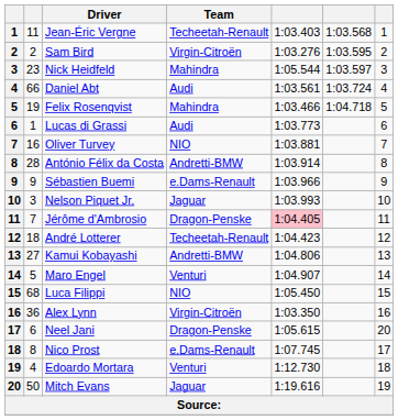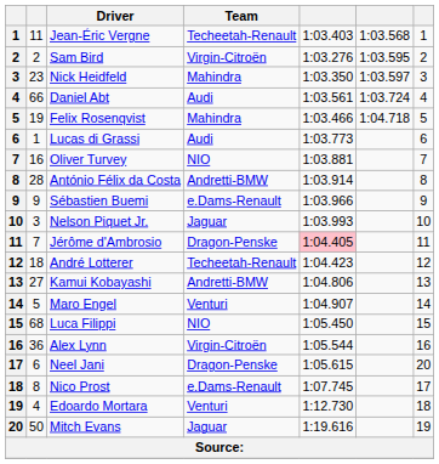 <table class="wikitable sortable" style="font-size: 85%">
 <tr>
 <th scope="col"></th>
 <th scope="col"></th>
 <th scope="col">Driver</th>
 <th scope="col">Team</th>
 <th scope="col"></th>
 <th scope="col"></th>
 <th scope="col"></th>
 </tr>
 <tr>
 <th scope="row">1</th>
 <td align="center">11</td>
 <td data-sort-value="VER"> <a href='#'>Jean-Éric Vergne</a></td>
 <td><a href='#'>Techeetah-Renault</a></td>
 <td>1:03.403</td>
 <td>1:03.568</td>
 <td align="center">1</td>
 </tr>
 <tr>
 <th scope="row">2</th>
 <td align="center">2</td>
 <td data-sort-value="BIR"> <a href='#'>Sam Bird</a></td>
 <td><a href='#'>Virgin-Citroën</a></td>
 <td>1:03.276</td>
 <td>1:03.595</td>
 <td align="center">2</td>
 </tr>
 <tr>
 <th scope="row">3</th>
 <td align="center">23</td>
 <td data-sort-value="HEI"> <a href='#'>Nick Heidfeld</a></td>
 <td><a href='#'>Mahindra</a></td>
-<td>1:05.544</td>
+<td>1:03.350</td>
 <td>1:03.597</td>
 <td align="center">3</td>
 </tr>
 <tr>
 <th scope="row">4</th>
 <td align="center">66</td>
 <td data-sort-value="ABT"> <a href='#'>Daniel Abt</a></td>
 <td><a href='#'>Audi</a></td>
 <td>1:03.561</td>
 <td>1:03.724</td>
 <td align="center">4</td>
 </tr>
 <tr>
 <th scope="row">5</th>
 <td align="center">19</td>
 <td data-sort-value="ROS"> <a href='#'>Felix Rosenqvist</a></td>
 <td><a href='#'>Mahindra</a></td>
 <td>1:03.466</td>
 <td>1:04.718</td>
 <td align="center">5</td>
 </tr>
 <tr>
 <th scope="row">6</th>
 <td align="center">1</td>
 <td data-sort-value="DIG"> <a href='#'>Lucas di Grassi</a></td>
 <td><a href='#'>Audi</a></td>
 <td>1:03.773</td>
 <td></td>
 <td align="center">6</td>
 </tr>
 <tr>
 <th scope="row">7</th>
 <td align="center">16</td>
 <td data-sort-value="TUR"> <a href='#'>Oliver Turvey</a></td>
 <td><a href='#'>NIO</a></td>
 <td>1:03.881</td>
 <td></td>
 <td align="center">7</td>
 </tr>
 <tr>
 <th scope="row">8</th>
 <td align="center">28</td>
 <td data-sort-value="FDC"> <a href='#'>António Félix da Costa</a></td>
 <td><a href='#'>Andretti-BMW</a></td>
 <td>1:03.914</td>
 <td></td>
 <td align="center">8</td>
 </tr>
 <tr>
 <th scope="row">9</th>
 <td align="center">9</td>
 <td data-sort-value="BUE"> <a href='#'>Sébastien Buemi</a></td>
 <td><a href='#'>e.Dams-Renault</a></td>
 <td>1:03.966</td>
 <td></td>
 <td align="center">9</td>
 </tr>
 <tr>
 <th scope="row">10</th>
 <td align="center">3</td>
 <td data-sort-value="PIQ"> <a href='#'>Nelson Piquet Jr.</a></td>
 <td><a href='#'>Jaguar</a></td>
 <td>1:03.993</td>
 <td></td>
 <td align="center">10</td>
 </tr>
 <tr>
 <th scope="row">11</th>
 <td align="center">7</td>
 <td data-sort-value="DAM"> <a href='#'>Jérôme d'Ambrosio</a></td>
 <td><a href='#'>Dragon-Penske</a></td>
 <td style="background: pink;">1:04.405</td>
 <td></td>
 <td align="center">11</td>
 </tr>
 <tr>
 <th scope="row">12</th>
 <td align="center">18</td>
 <td data-sort-value="LOT"> <a href='#'>André Lotterer</a></td>
 <td><a href='#'>Techeetah-Renault</a></td>
 <td>1:04.423</td>
 <td></td>
 <td align="center">12</td>
 </tr>
 <tr>
 <th scope="row">13</th>
 <td align="center">27</td>
 <td data-sort-value="KOB"> <a href='#'>Kamui Kobayashi</a></td>
 <td><a href='#'>Andretti-BMW</a></td>
 <td>1:04.806</td>
 <td></td>
 <td align="center">13</td>
 </tr>
 <tr>
 <th scope="row">14</th>
 <td align="center">5</td>
 <td data-sort-value="ENG"> <a href='#'>Maro Engel</a></td>
 <td><a href='#'>Venturi</a></td>
 <td>1:04.907</td>
 <td></td>
 <td align="center">14</td>
 </tr>
 <tr>
 <th scope="row">15</th>
 <td align="center">68</td>
 <td data-sort-value="FIL"> <a href='#'>Luca Filippi</a></td>
 <td><a href='#'>NIO</a></td>
 <td>1:05.450</td>
 <td></td>
 <td align="center">15</td>
 </tr>
 <tr>
 <th scope="row">16</th>
 <td align="center">36</td>
 <td data-sort-value="LYN"> <a href='#'>Alex Lynn</a></td>
 <td><a href='#'>Virgin-Citroën</a></td>
-<td>1:03.350</td>
+<td>1:05.544</td>
 <td></td>
 <td align="center">16</td>
 </tr>
 <tr>
 <th scope="row">17</th>
 <td align="center">6</td>
 <td data-sort-value="JAN"> <a href='#'>Neel Jani</a></td>
 <td><a href='#'>Dragon-Penske</a></td>
 <td>1:05.615</td>
 <td></td>
 <td align="center">20</td>
 </tr>
 <tr>
 <th scope="row">18</th>
 <td align="center">8</td>
 <td data-sort-value="PRO"> <a href='#'>Nico Prost</a></td>
 <td><a href='#'>e.Dams-Renault</a></td>
 <td>1:07.745</td>
 <td></td>
 <td align="center">17</td>
 </tr>
 <tr>
 <th scope="row">19</th>
 <td align="center">4</td>
 <td data-sort-value="MOR"> <a href='#'>Edoardo Mortara</a></td>
 <td><a href='#'>Venturi</a></td>
 <td>1:12.730</td>
 <td></td>
 <td align="center">18</td>
 </tr>
 <tr>
 <th scope="row">20</th>
 <td align="center">50</td>
 <td data-sort-value="EVA"> <a href='#'>Mitch Evans</a></td>
 <td><a href='#'>Jaguar</a></td>
 <td>1:19.616</td>
 <td></td>
 <td align="center">19</td>
 </tr>
 <tr>
 <th colspan="7">Source:</th>
 </tr>
 <tr>
 </tr>
 </table>
